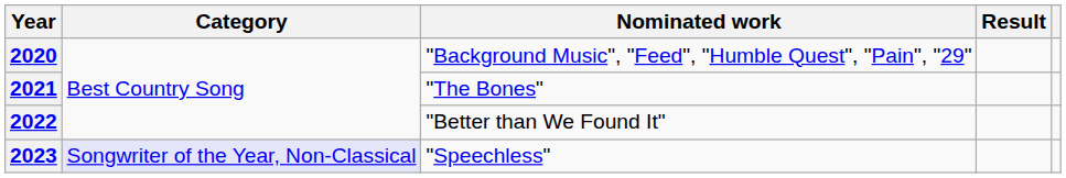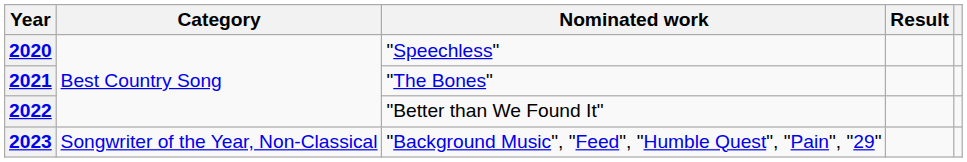 <table class="wikitable plainrowheaders">
 <tr>
 <th>Year</th>
 <th>Category</th>
 <th>Nominated work</th>
 <th>Result</th>
 <th></th>
 </tr>
 <tr>
 <th scope="row"><a href='#'>2020</a></th>
 <td rowspan="3"><a href='#'>Best Country Song</a></td>
-<td>"<a href='#'>Background Music</a>", "<a href='#'>Feed</a>", "<a href='#'>Humble Quest</a>", "<a href='#'>Pain</a>", "<a href='#'>29</a>"</td>
+<td>"<a href='#'>Speechless</a>"<br></td>
 <td></td>
 <td align="center"></td>
 </tr>
 <tr>
 <th scope="row"><a href='#'>2021</a></th>
 <td>"<a href='#'>The Bones</a>"<br></td>
 <td></td>
 <td align="center"></td>
 </tr>
 <tr>
 <th scope="row"><a href='#'>2022</a></th>
 <td>"Better than We Found It"<br></td>
 <td></td>
 <td align="center"></td>
 </tr>
 <tr>
 <th scope="row"><a href='#'>2023</a></th>
-<td style="background: lavender;"><a href='#'>Songwriter of the Year, Non-Classical</a></td>
-<td>"<a href='#'>Speechless</a>"<br></td>
+<td><a href='#'>Songwriter of the Year, Non-Classical</a></td>
+<td>"<a href='#'>Background Music</a>", "<a href='#'>Feed</a>", "<a href='#'>Humble Quest</a>", "<a href='#'>Pain</a>", "<a href='#'>29</a>"</td>
 <td></td>
 <td align="center"></td>
 </tr>
 </table>
